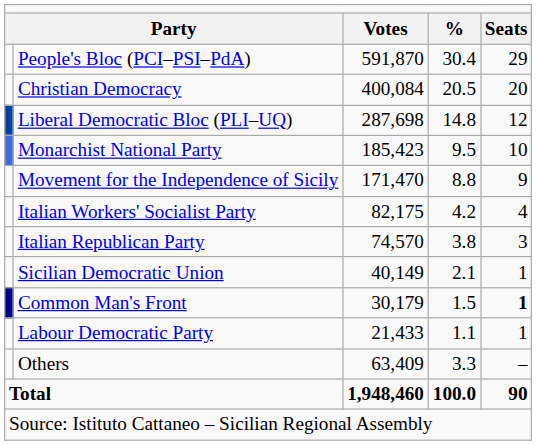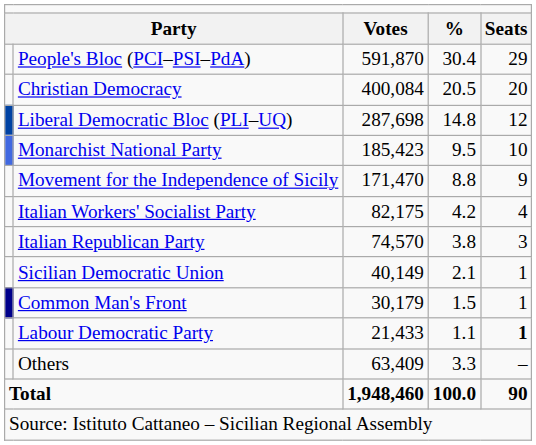 <table class="wikitable" style="font-size: 100%">
 <tr>
 <td colspan=5></td>
 </tr>
 <tr>
 <th colspan=2>Party</th>
 <th>Votes</th>
 <th>%</th>
 <th>Seats</th>
 </tr>
 <tr>
 <td></td>
 <td><a href='#'>People's Bloc</a> (<a href='#'>PCI</a>–<a href='#'>PSI</a>–<a href='#'>PdA</a>)</td>
 <td align=right>591,870</td>
 <td align=right>30.4</td>
 <td align=right>29</td>
 </tr>
 <tr>
 <td></td>
 <td><a href='#'>Christian Democracy</a></td>
 <td align=right>400,084</td>
 <td align=right>20.5</td>
 <td align=right>20</td>
 </tr>
 <tr>
 <td bgcolor="#0042A3"></td>
 <td><a href='#'>Liberal Democratic Bloc</a> (<a href='#'>PLI</a>–<a href='#'>UQ</a>)</td>
 <td align=right>287,698</td>
 <td align=right>14.8</td>
 <td align=right>12</td>
 </tr>
 <tr>
 <td bgcolor="royalblue"></td>
 <td><a href='#'>Monarchist National Party</a></td>
 <td align=right>185,423</td>
 <td align=right>9.5</td>
 <td align=right>10</td>
 </tr>
 <tr>
 <td></td>
 <td><a href='#'>Movement for the Independence of Sicily</a></td>
 <td align=right>171,470</td>
 <td align=right>8.8</td>
 <td align=right>9</td>
 </tr>
 <tr>
 <td></td>
 <td><a href='#'>Italian Workers' Socialist Party</a></td>
 <td align=right>82,175</td>
 <td align=right>4.2</td>
 <td align=right>4</td>
 </tr>
 <tr>
 <td></td>
 <td><a href='#'>Italian Republican Party</a></td>
 <td align=right>74,570</td>
 <td align=right>3.8</td>
 <td align=right>3</td>
 </tr>
 <tr>
 <td></td>
 <td><a href='#'>Sicilian Democratic Union</a></td>
 <td align=right>40,149</td>
 <td align=right>2.1</td>
 <td align=right>1</td>
 </tr>
 <tr>
 <td bgcolor="#00008B"></td>
 <td><a href='#'>Common Man's Front</a></td>
 <td align=right>30,179</td>
 <td align=right>1.5</td>
-<td align=right><strong>1</strong></td>
+<td align=right>1</td>
 </tr>
 <tr>
 <td></td>
 <td><a href='#'>Labour Democratic Party</a></td>
 <td align=right>21,433</td>
 <td align=right>1.1</td>
-<td align=right>1</td>
+<td align=right><strong>1</strong></td>
 </tr>
 <tr>
 <td></td>
 <td>Others</td>
 <td align=right>63,409</td>
 <td align=right>3.3</td>
 <td align=right>–</td>
 </tr>
 <tr>
 <td colspan=2><strong>Total</strong></td>
 <td align=right><strong>1,948,460</strong></td>
 <td align=right><strong>100.0</strong></td>
 <td align=right><strong>90</strong></td>
 </tr>
 <tr>
 <td colspan=5>Source: Istituto Cattaneo – Sicilian Regional Assembly</td>
 </tr>
 </table>
